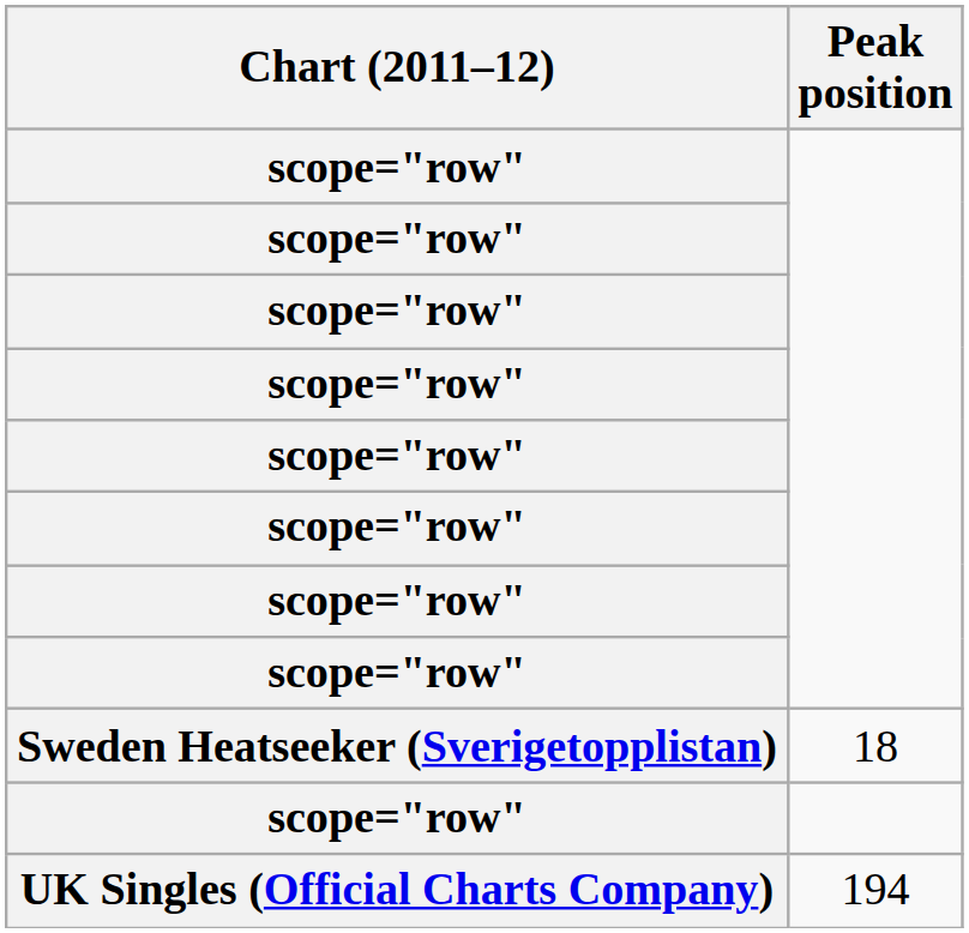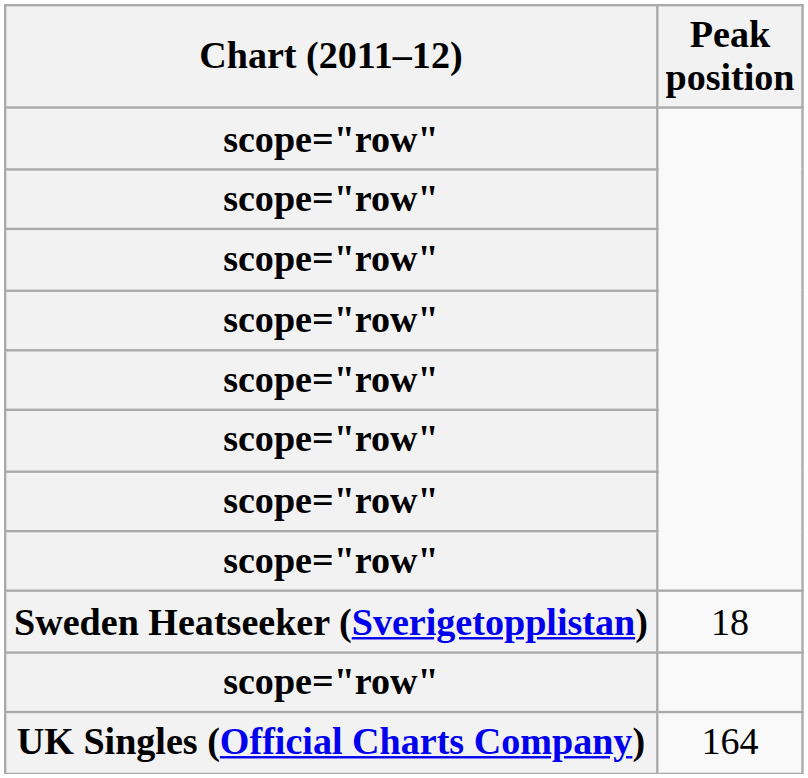 <table class="wikitable sortable plainrowheaders" style="text-align:center">
 <tr>
 <th>Chart (2011–12)</th>
 <th>Peak<br>position</th>
 </tr>
 <tr>
 <th>scope="row" </th>
 </tr>
 <tr>
 <th>scope="row" </th>
 </tr>
 <tr>
 <th>scope="row" </th>
 </tr>
 <tr>
 <th>scope="row" </th>
 </tr>
 <tr>
 <th>scope="row" </th>
 </tr>
 <tr>
 <th>scope="row" </th>
 </tr>
 <tr>
 <th>scope="row" </th>
 </tr>
 <tr>
 <th>scope="row" </th>
 </tr>
 <tr>
 <th scope="row">Sweden Heatseeker (<a href='#'>Sverigetopplistan</a>)</th>
 <td>18</td>
 </tr>
 <tr>
 <th>scope="row" </th>
 </tr>
 <tr>
 <th scope="row">UK Singles (<a href='#'>Official Charts Company</a>)</th>
-<td align="center">194</td>
+<td align="center">164</td>
 </tr>
 </table>
